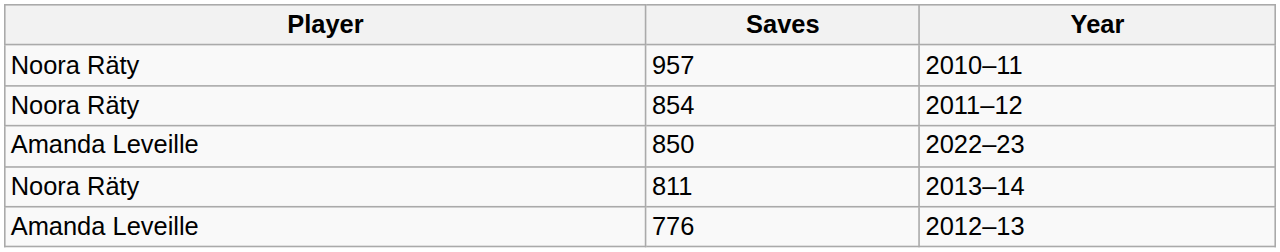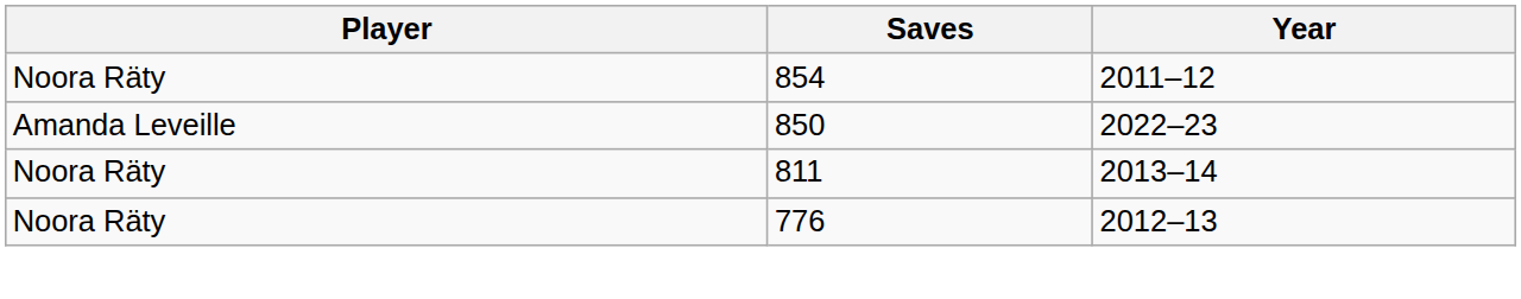 <table class="wikitable" style="width: 50em">
 <tr>
 <th>Player</th>
 <th>Saves</th>
 <th>Year</th>
-</tr>
-<tr>
-<td>Noora Räty</td>
-<td>957</td>
-<td>2010–11</td>
 </tr>
 <tr>
 <td>Noora Räty</td>
 <td>854</td>
 <td>2011–12</td>
 </tr>
 <tr>
 <td>Amanda Leveille</td>
 <td>850</td>
 <td>2022–23</td>
 </tr>
 <tr>
 <td>Noora Räty</td>
 <td>811</td>
 <td>2013–14</td>
 </tr>
 <tr>
-<td>Amanda Leveille</td>
+<td>Noora Räty</td>
 <td>776</td>
 <td>2012–13</td>
 </tr>
 </table>
